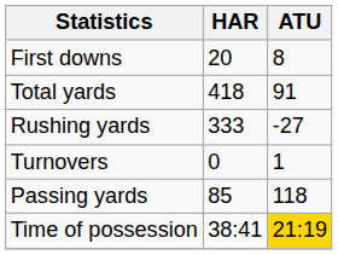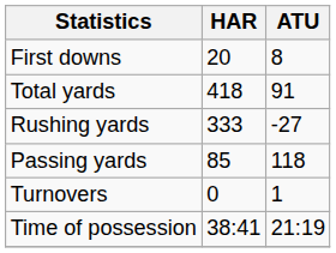 <table class="wikitable" style="float: left;">
 <tr>
 <th>Statistics</th>
 <th>HAR</th>
 <th>ATU</th>
 </tr>
 <tr>
 <td>First downs</td>
 <td>20</td>
 <td>8</td>
 </tr>
 <tr>
 <td>Total yards</td>
 <td>418</td>
 <td>91</td>
 </tr>
 <tr>
 <td>Rushing yards</td>
 <td>333</td>
 <td>-27</td>
 </tr>
 <tr>
+<td>Passing yards</td>
+<td>85</td>
+<td>118</td>
+</tr>
+<tr>
 <td>Turnovers</td>
 <td>0</td>
 <td>1</td>
 </tr>
 <tr>
-<td>Passing yards</td>
-<td>85</td>
-<td>118</td>
-</tr>
-<tr>
 <td>Time of possession</td>
 <td>38:41</td>
-<td style="background: gold;">21:19</td>
+<td>21:19</td>
 </tr>
 <tr>
 </tr>
 </table>
